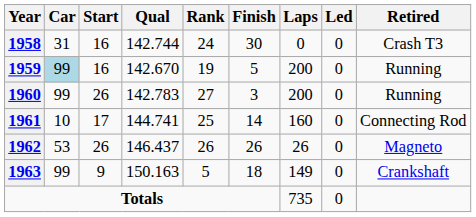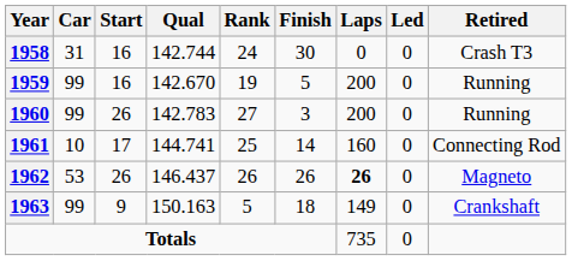 <table class="wikitable" style="text-align:center">
 <tr>
 <th>Year</th>
 <th>Car</th>
 <th>Start</th>
 <th>Qual</th>
 <th>Rank</th>
 <th>Finish</th>
 <th>Laps</th>
 <th>Led</th>
 <th>Retired</th>
 </tr>
 <tr>
 <th><a href='#'>1958</a></th>
 <td>31</td>
 <td>16</td>
 <td>142.744</td>
 <td>24</td>
 <td>30</td>
 <td>0</td>
 <td>0</td>
 <td>Crash T3</td>
 </tr>
 <tr>
 <th><a href='#'>1959</a></th>
-<td style="background: lightblue;">99</td>
+<td>99</td>
 <td>16</td>
 <td>142.670</td>
 <td>19</td>
 <td>5</td>
 <td>200</td>
 <td>0</td>
 <td>Running</td>
 </tr>
 <tr>
 <th><a href='#'>1960</a></th>
 <td>99</td>
 <td>26</td>
 <td>142.783</td>
 <td>27</td>
 <td>3</td>
 <td>200</td>
 <td>0</td>
 <td>Running</td>
 </tr>
 <tr>
 <th><a href='#'>1961</a></th>
 <td>10</td>
 <td>17</td>
 <td>144.741</td>
 <td>25</td>
 <td>14</td>
 <td>160</td>
 <td>0</td>
 <td>Connecting Rod</td>
 </tr>
 <tr>
 <th><a href='#'>1962</a></th>
 <td>53</td>
 <td>26</td>
 <td>146.437</td>
 <td>26</td>
 <td>26</td>
-<td>26</td>
+<td><strong>26</strong></td>
 <td>0</td>
 <td><a href='#'>Magneto</a></td>
 </tr>
 <tr>
 <th><a href='#'>1963</a></th>
 <td>99</td>
 <td>9</td>
 <td>150.163</td>
 <td>5</td>
 <td>18</td>
 <td>149</td>
 <td>0</td>
 <td><a href='#'>Crankshaft</a></td>
 </tr>
 <tr>
 <td colspan=6><strong>Totals</strong></td>
 <td>735</td>
 <td>0</td>
 <td></td>
 </tr>
 </table>
